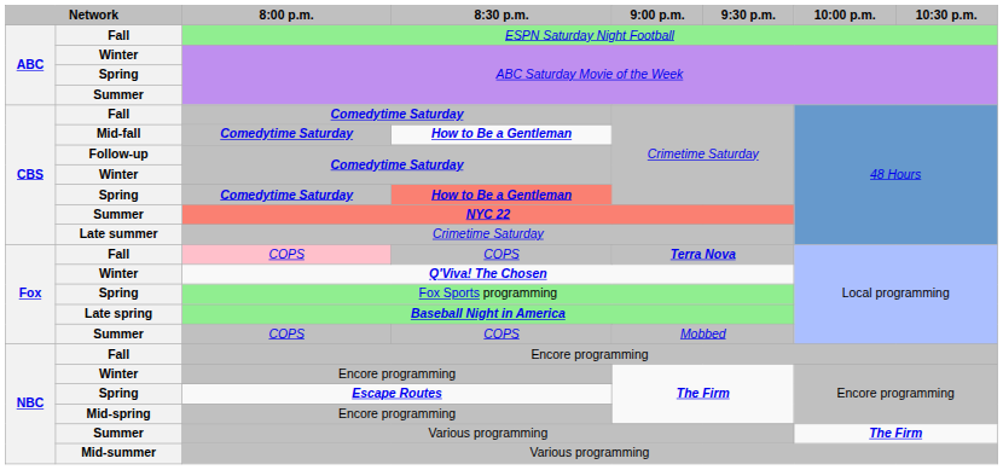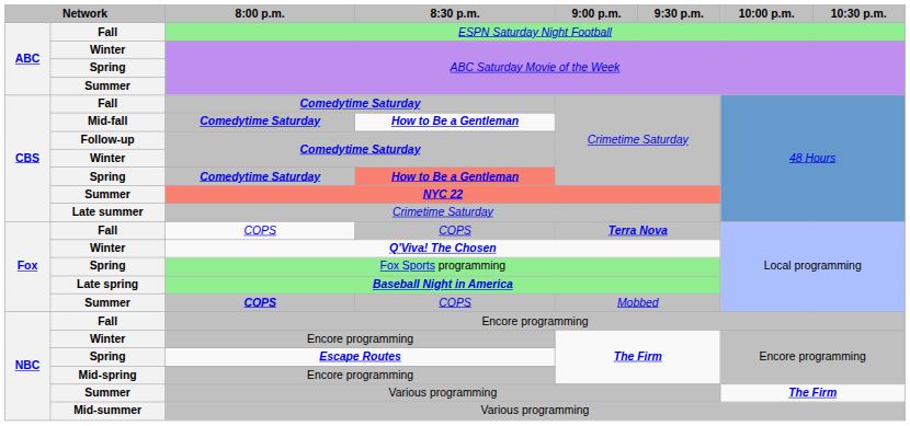 <table class="wikitable" style="width:100%;margin-right:0;text-align:center">
 <tr>
 <th colspan="2" style="background-color:#C0C0C0;text-align:center">Network</th>
 <th style="background-color:#C0C0C0;text-align:center">8:00 p.m.</th>
 <th style="background-color:#C0C0C0;text-align:center">8:30 p.m.</th>
 <th style="background-color:#C0C0C0;text-align:center">9:00 p.m.</th>
 <th style="background-color:#C0C0C0;text-align:center">9:30 p.m.</th>
 <th style="background-color:#C0C0C0;text-align:center">10:00 p.m.</th>
 <th style="background-color:#C0C0C0;text-align:center">10:30 p.m.</th>
 </tr>
 <tr>
 <th rowspan="4"><a href='#'>ABC</a></th>
 <th>Fall</th>
 <td colspan="6" style="background:lightgreen;"><em><a href='#'>ESPN Saturday Night Football</a></em> </td>
 </tr>
 <tr>
 <th>Winter</th>
 <td colspan="6" rowspan="3" style="background:#bf8fef;"><em><a href='#'>ABC Saturday Movie of the Week</a></em></td>
 </tr>
 <tr>
 <th>Spring</th>
 </tr>
 <tr>
 <th>Summer</th>
 </tr>
 <tr>
 <th rowspan="7"><a href='#'>CBS</a></th>
 <th>Fall</th>
 <td colspan="2" style="background:#C0C0C0;"><strong><em><a href='#'>Comedytime Saturday</a></em></strong></td>
 <td colspan="2" rowspan="5" style="background:#C0C0C0;"><em><a href='#'>Crimetime Saturday</a></em></td>
 <td colspan="2" rowspan="7" style="background:#6699CC;"><em><a href='#'>48 Hours</a></em></td>
 </tr>
 <tr>
 <th>Mid-fall</th>
 <td style="background:#C0C0C0"><strong><em><a href='#'>Comedytime Saturday</a></em></strong></td>
 <td><strong><em><a href='#'>How to Be a Gentleman</a></em></strong></td>
 </tr>
 <tr>
 <th>Follow-up</th>
 <td colspan="2" rowspan="2" style="background:#C0C0C0;"><strong><em><a href='#'>Comedytime Saturday</a></em></strong></td>
 </tr>
 <tr>
 <th>Winter</th>
 </tr>
 <tr>
 <th>Spring</th>
 <td style="background:#C0C0C0;"><strong><em><a href='#'>Comedytime Saturday</a></em></strong></td>
 <td style="background:#FA8072;"><strong><em><a href='#'>How to Be a Gentleman</a></em></strong></td>
 </tr>
 <tr>
 <th>Summer</th>
 <td colspan="4" style="background:#FA8072;"><strong><em><a href='#'>NYC 22</a></em></strong></td>
 </tr>
 <tr>
 <th>Late summer</th>
 <td colspan="4" style="background:#C0C0C0;"><em><a href='#'>Crimetime Saturday</a></em></td>
 </tr>
 <tr>
 <th rowspan="5"><a href='#'>Fox</a></th>
 <th>Fall</th>
-<td style="background: pink;"><em><a href='#'>COPS</a></em></td>
+<td><em><a href='#'>COPS</a></em></td>
 <td style="background:#C0C0C0;"><em><a href='#'>COPS</a></em> </td>
 <td colspan="2" style="background:#C0C0C0;"><strong><em><a href='#'>Terra Nova</a></em></strong> </td>
 <td style="background:#abbfff;" rowspan="5" colspan="2">Local programming</td>
 </tr>
 <tr>
 <th>Winter</th>
 <td colspan="4"><strong><em><a href='#'>Q'Viva! The Chosen</a></em></strong></td>
 </tr>
 <tr>
 <th>Spring</th>
 <td colspan="4" style="background:lightgreen"><a href='#'>Fox Sports</a> programming</td>
 </tr>
 <tr>
 <th>Late spring</th>
 <td colspan="4" style="background:lightgreen"><strong><em><a href='#'>Baseball Night in America</a></em></strong> </td>
 </tr>
 <tr>
 <th>Summer</th>
-<td style="background:#C0C0C0;"><em><a href='#'>COPS</a></em> </td>
+<td style="background:#C0C0C0;"><strong><em><a href='#'>COPS</a></em> </strong></td>
 <td style="background:#C0C0C0;"><em><a href='#'>COPS</a></em> </td>
 <td colspan="2" style="background:#C0C0C0;"><em><a href='#'>Mobbed</a></em> </td>
 </tr>
 <tr>
 <th rowspan="6"><a href='#'>NBC</a></th>
 <th>Fall</th>
 <td colspan="6" style="background:#C0C0C0;">Encore programming</td>
 </tr>
 <tr>
 <th>Winter</th>
 <td colspan="2" style="background:#C0C0C0;">Encore programming</td>
 <td rowspan="3" colspan="2"><strong><em><a href='#'>The Firm</a></em></strong></td>
 <td rowspan="3" colspan="2" style="background:#C0C0C0;">Encore programming</td>
 </tr>
 <tr>
 <th>Spring</th>
 <td colspan="2"><strong><em><a href='#'>Escape Routes</a></em></strong></td>
 </tr>
 <tr>
 <th>Mid-spring</th>
 <td colspan="2" style="background:#C0C0C0;">Encore programming</td>
 </tr>
 <tr>
 <th>Summer</th>
 <td colspan="4" style="background:#C0C0C0;">Various programming</td>
 <td colspan="2"><strong><em><a href='#'>The Firm</a></em></strong></td>
 </tr>
 <tr>
 <th>Mid-summer</th>
 <td colspan="6" style="background:#C0C0C0;">Various programming</td>
 </tr>
 </table>
